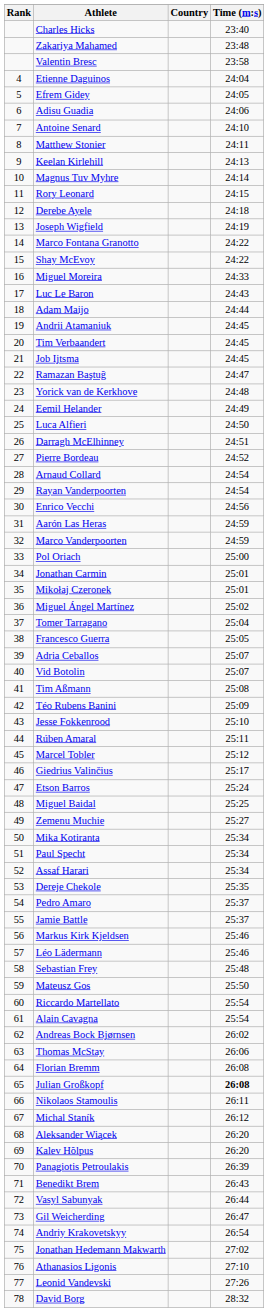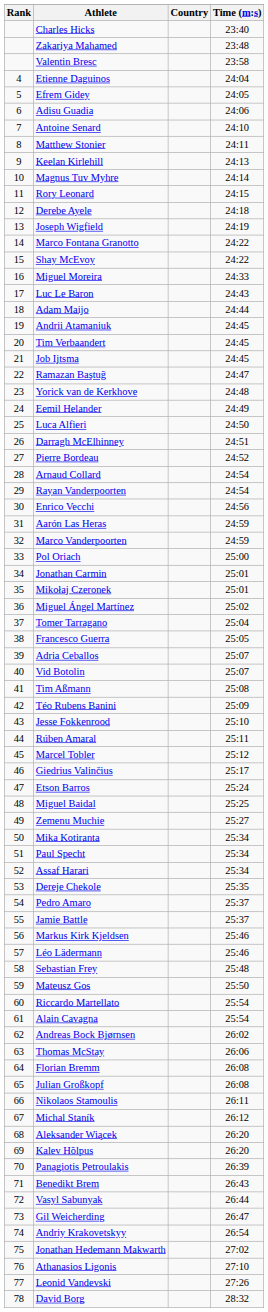 <table class="wikitable sortable" style="text-align:center;">
 <tr>
 </tr>
 <tr>
 <th>Rank</th>
 <th>Athlete</th>
 <th>Country</th>
 <th>Time (<a href='#'>m</a>:<a href='#'>s</a>)</th>
 </tr>
 <tr>
 <td></td>
 <td align=left><a href='#'>Charles Hicks</a></td>
 <td align=left></td>
 <td>23:40</td>
 </tr>
 <tr>
 <td></td>
 <td align=left><a href='#'>Zakariya Mahamed</a></td>
 <td align=left></td>
 <td>23:48</td>
 </tr>
 <tr>
 <td></td>
 <td align=left><a href='#'>Valentin Bresc</a></td>
 <td align=left></td>
 <td>23:58</td>
 </tr>
 <tr>
 <td>4</td>
 <td align=left><a href='#'>Etienne Daguinos</a></td>
 <td align=left></td>
 <td>24:04</td>
 </tr>
 <tr>
 <td>5</td>
 <td align=left><a href='#'>Efrem Gidey</a></td>
 <td align=left></td>
 <td>24:05</td>
 </tr>
 <tr>
 <td>6</td>
 <td align=left><a href='#'>Adisu Guadia</a></td>
 <td align=left></td>
 <td>24:06</td>
 </tr>
 <tr>
 <td>7</td>
 <td align=left><a href='#'>Antoine Senard</a></td>
 <td align=left></td>
 <td>24:10</td>
 </tr>
 <tr>
 <td>8</td>
 <td align=left><a href='#'>Matthew Stonier</a></td>
 <td align=left></td>
 <td>24:11</td>
 </tr>
 <tr>
 <td>9</td>
 <td align=left><a href='#'>Keelan Kirlehill</a></td>
 <td align=left></td>
 <td>24:13</td>
 </tr>
 <tr>
 <td>10</td>
 <td align=left><a href='#'>Magnus Tuv Myhre</a></td>
 <td align=left></td>
 <td>24:14</td>
 </tr>
 <tr>
 <td>11</td>
 <td align=left><a href='#'>Rory Leonard</a></td>
 <td align=left></td>
 <td>24:15</td>
 </tr>
 <tr>
 <td>12</td>
 <td align=left><a href='#'>Derebe Ayele</a></td>
 <td align=left></td>
 <td>24:18</td>
 </tr>
 <tr>
 <td>13</td>
 <td align=left><a href='#'>Joseph Wigfield</a></td>
 <td align=left></td>
 <td>24:19</td>
 </tr>
 <tr>
 <td>14</td>
 <td align=left><a href='#'>Marco Fontana Granotto</a></td>
 <td align=left></td>
 <td>24:22</td>
 </tr>
 <tr>
 <td>15</td>
 <td align=left><a href='#'>Shay McEvoy</a></td>
 <td align=left></td>
 <td>24:22</td>
 </tr>
 <tr>
 <td>16</td>
 <td align=left><a href='#'>Miguel Moreira</a></td>
 <td align=left></td>
 <td>24:33</td>
 </tr>
 <tr>
 <td>17</td>
 <td align=left><a href='#'>Luc Le Baron</a></td>
 <td align=left></td>
 <td>24:43</td>
 </tr>
 <tr>
 <td>18</td>
 <td align=left><a href='#'>Adam Maijo</a></td>
 <td align=left></td>
 <td>24:44</td>
 </tr>
 <tr>
 <td>19</td>
 <td align=left><a href='#'>Andrii Atamaniuk</a></td>
 <td align=left></td>
 <td>24:45</td>
 </tr>
 <tr>
 <td>20</td>
 <td align=left><a href='#'>Tim Verbaandert</a></td>
 <td align=left></td>
 <td>24:45</td>
 </tr>
 <tr>
 <td>21</td>
 <td align=left><a href='#'>Job Ijtsma</a></td>
 <td align=left></td>
 <td>24:45</td>
 </tr>
 <tr>
 <td>22</td>
 <td align=left><a href='#'>Ramazan Baştuğ</a></td>
 <td align=left></td>
 <td>24:47</td>
 </tr>
 <tr>
 <td>23</td>
 <td align=left><a href='#'>Yorick van de Kerkhove</a></td>
 <td align=left></td>
 <td>24:48</td>
 </tr>
 <tr>
 <td>24</td>
 <td align=left><a href='#'>Eemil Helander</a></td>
 <td align=left></td>
 <td>24:49</td>
 </tr>
 <tr>
 <td>25</td>
 <td align=left><a href='#'>Luca Alfieri</a></td>
 <td align=left></td>
 <td>24:50</td>
 </tr>
 <tr>
 <td>26</td>
 <td align=left><a href='#'>Darragh McElhinney</a></td>
 <td align=left></td>
 <td>24:51</td>
 </tr>
 <tr>
 <td>27</td>
 <td align=left><a href='#'>Pierre Bordeau</a></td>
 <td align=left></td>
 <td>24:52</td>
 </tr>
 <tr>
 <td>28</td>
 <td align=left><a href='#'>Arnaud Collard</a></td>
 <td align=left></td>
 <td>24:54</td>
 </tr>
 <tr>
 <td>29</td>
 <td align=left><a href='#'>Rayan Vanderpoorten</a></td>
 <td align=left></td>
 <td>24:54</td>
 </tr>
 <tr>
 <td>30</td>
 <td align=left><a href='#'>Enrico Vecchi</a></td>
 <td align=left></td>
 <td>24:56</td>
 </tr>
 <tr>
 <td>31</td>
 <td align=left><a href='#'>Aarón Las Heras</a></td>
 <td align=left></td>
 <td>24:59</td>
 </tr>
 <tr>
 <td>32</td>
 <td align=left><a href='#'>Marco Vanderpoorten</a></td>
 <td align=left></td>
 <td>24:59</td>
 </tr>
 <tr>
 <td>33</td>
 <td align=left><a href='#'>Pol Oriach</a></td>
 <td align=left></td>
 <td>25:00</td>
 </tr>
 <tr>
 <td>34</td>
 <td align=left><a href='#'>Jonathan Carmin</a></td>
 <td align=left></td>
 <td>25:01</td>
 </tr>
 <tr>
 <td>35</td>
 <td align=left><a href='#'>Mikołaj Czeronek</a></td>
 <td align=left></td>
 <td>25:01</td>
 </tr>
 <tr>
 <td>36</td>
 <td align=left><a href='#'>Miguel Ángel Martínez</a></td>
 <td align=left></td>
 <td>25:02</td>
 </tr>
 <tr>
 <td>37</td>
 <td align=left><a href='#'>Tomer Tarragano</a></td>
 <td align=left></td>
 <td>25:04</td>
 </tr>
 <tr>
 <td>38</td>
 <td align=left><a href='#'>Francesco Guerra</a></td>
 <td align=left></td>
 <td>25:05</td>
 </tr>
 <tr>
 <td>39</td>
 <td align=left><a href='#'>Adria Ceballos</a></td>
 <td align=left></td>
 <td>25:07</td>
 </tr>
 <tr>
 <td>40</td>
 <td align=left><a href='#'>Vid Botolin</a></td>
 <td align=left></td>
 <td>25:07</td>
 </tr>
 <tr>
 <td>41</td>
 <td align=left><a href='#'>Tim Aßmann</a></td>
 <td align=left></td>
 <td>25:08</td>
 </tr>
 <tr>
 <td>42</td>
 <td align=left><a href='#'>Téo Rubens Banini</a></td>
 <td align=left></td>
 <td>25:09</td>
 </tr>
 <tr>
 <td>43</td>
 <td align=left><a href='#'>Jesse Fokkenrood</a></td>
 <td align=left></td>
 <td>25:10</td>
 </tr>
 <tr>
 <td>44</td>
 <td align=left><a href='#'>Rúben Amaral</a></td>
 <td align=left></td>
 <td>25:11</td>
 </tr>
 <tr>
 <td>45</td>
 <td align=left><a href='#'>Marcel Tobler</a></td>
 <td align=left></td>
 <td>25:12</td>
 </tr>
 <tr>
 <td>46</td>
 <td align=left><a href='#'>Giedrius Valinčius</a></td>
 <td align=left></td>
 <td>25:17</td>
 </tr>
 <tr>
 <td>47</td>
 <td align=left><a href='#'>Etson Barros</a></td>
 <td align=left></td>
 <td>25:24</td>
 </tr>
 <tr>
 <td>48</td>
 <td align=left><a href='#'>Miguel Baidal</a></td>
 <td align=left></td>
 <td>25:25</td>
 </tr>
 <tr>
 <td>49</td>
 <td align=left><a href='#'>Zemenu Muchie</a></td>
 <td align=left></td>
 <td>25:27</td>
 </tr>
 <tr>
 <td>50</td>
 <td align=left><a href='#'>Mika Kotiranta</a></td>
 <td align=left></td>
 <td>25:34</td>
 </tr>
 <tr>
 <td>51</td>
 <td align=left><a href='#'>Paul Specht</a></td>
 <td align=left></td>
 <td>25:34</td>
 </tr>
 <tr>
 <td>52</td>
 <td align=left><a href='#'>Assaf Harari</a></td>
 <td align=left></td>
 <td>25:34</td>
 </tr>
 <tr>
 <td>53</td>
 <td align=left><a href='#'>Dereje Chekole</a></td>
 <td align=left></td>
 <td>25:35</td>
 </tr>
 <tr>
 <td>54</td>
 <td align=left><a href='#'>Pedro Amaro</a></td>
 <td align=left></td>
 <td>25:37</td>
 </tr>
 <tr>
 <td>55</td>
 <td align=left><a href='#'>Jamie Battle</a></td>
 <td align=left></td>
 <td>25:37</td>
 </tr>
 <tr>
 <td>56</td>
 <td align=left><a href='#'>Markus Kirk Kjeldsen</a></td>
 <td align=left></td>
 <td>25:46</td>
 </tr>
 <tr>
 <td>57</td>
 <td align=left><a href='#'>Léo Lädermann</a></td>
 <td align=left></td>
 <td>25:46</td>
 </tr>
 <tr>
 <td>58</td>
 <td align=left><a href='#'>Sebastian Frey</a></td>
 <td align=left></td>
 <td>25:48</td>
 </tr>
 <tr>
 <td>59</td>
 <td align=left><a href='#'>Mateusz Gos</a></td>
 <td align=left></td>
 <td>25:50</td>
 </tr>
 <tr>
 <td>60</td>
 <td align=left><a href='#'>Riccardo Martellato</a></td>
 <td align=left></td>
 <td>25:54</td>
 </tr>
 <tr>
 <td>61</td>
 <td align=left><a href='#'>Alain Cavagna</a></td>
 <td align=left></td>
 <td>25:54</td>
 </tr>
 <tr>
 <td>62</td>
 <td align=left><a href='#'>Andreas Bock Bjørnsen</a></td>
 <td align=left></td>
 <td>26:02</td>
 </tr>
 <tr>
 <td>63</td>
 <td align=left><a href='#'>Thomas McStay</a></td>
 <td align=left></td>
 <td>26:06</td>
 </tr>
 <tr>
 <td>64</td>
 <td align=left><a href='#'>Florian Bremm</a></td>
 <td align=left></td>
 <td>26:08</td>
 </tr>
 <tr>
 <td>65</td>
 <td align=left><a href='#'>Julian Großkopf</a></td>
 <td align=left></td>
-<td><strong>26:08</strong></td>
+<td>26:08</td>
 </tr>
 <tr>
 <td>66</td>
 <td align=left><a href='#'>Nikolaos Stamoulis</a></td>
 <td align=left></td>
 <td>26:11</td>
 </tr>
 <tr>
 <td>67</td>
 <td align=left><a href='#'>Michal Staník</a></td>
 <td align=left></td>
 <td>26:12</td>
 </tr>
 <tr>
 <td>68</td>
 <td align=left><a href='#'>Aleksander Wiącek</a></td>
 <td align=left></td>
 <td>26:20</td>
 </tr>
 <tr>
 <td>69</td>
 <td align=left><a href='#'>Kalev Hõlpus</a></td>
 <td align=left></td>
 <td>26:20</td>
 </tr>
 <tr>
 <td>70</td>
 <td align=left><a href='#'>Panagiotis Petroulakis</a></td>
 <td align=left></td>
 <td>26:39</td>
 </tr>
 <tr>
 <td>71</td>
 <td align=left><a href='#'>Benedikt Brem</a></td>
 <td align=left></td>
 <td>26:43</td>
 </tr>
 <tr>
 <td>72</td>
 <td align=left><a href='#'>Vasyl Sabunyak</a></td>
 <td align=left></td>
 <td>26:44</td>
 </tr>
 <tr>
 <td>73</td>
 <td align=left><a href='#'>Gil Weicherding</a></td>
 <td align=left></td>
 <td>26:47</td>
 </tr>
 <tr>
 <td>74</td>
 <td align=left><a href='#'>Andriy Krakovetskyy</a></td>
 <td align=left></td>
 <td>26:54</td>
 </tr>
 <tr>
 <td>75</td>
 <td align=left><a href='#'>Jonathan Hedemann Makwarth</a></td>
 <td align=left></td>
 <td>27:02</td>
 </tr>
 <tr>
 <td>76</td>
 <td align=left><a href='#'>Athanasios Ligonis</a></td>
 <td align=left></td>
 <td>27:10</td>
 </tr>
 <tr>
 <td>77</td>
 <td align=left><a href='#'>Leonid Vandevski</a></td>
 <td align=left></td>
 <td>27:26</td>
 </tr>
 <tr>
 <td>78</td>
 <td align=left><a href='#'>David Borg</a></td>
 <td align=left></td>
 <td>28:32</td>
 </tr>
 </table>
